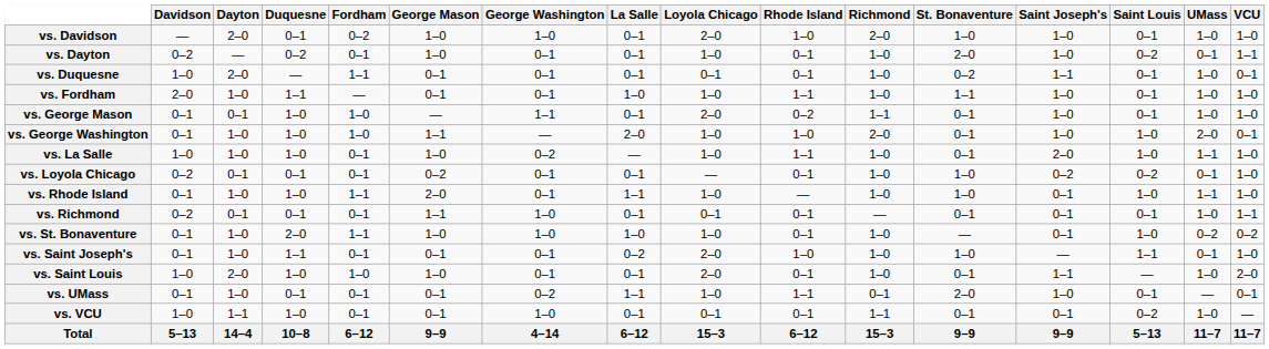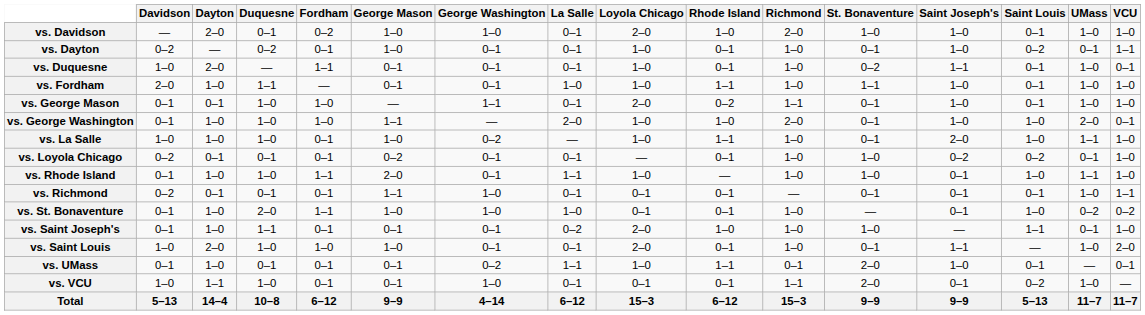 <table class="wikitable" style="white-space:nowrap;font-size:90%;">
 <tr>
 <th colspan="1" style="background:white; border-top-style:hidden; border-left-style:hidden;" width="75"> </th>
 <th>Davidson</th>
 <th>Dayton</th>
 <th>Duquesne</th>
 <th>Fordham</th>
 <th>George Mason</th>
 <th>George Washington</th>
 <th>La Salle</th>
 <th>Loyola Chicago</th>
 <th>Rhode Island</th>
 <th>Richmond</th>
 <th>St. Bonaventure</th>
 <th>Saint Joseph's</th>
 <th>Saint Louis</th>
 <th>UMass</th>
 <th>VCU</th>
 </tr>
 <tr style="text-align:center;">
 <th>vs. Davidson</th>
 <td>—</td>
 <td>2–0</td>
 <td>0–1</td>
 <td>0–2</td>
 <td>1–0</td>
 <td>1–0</td>
 <td>0–1</td>
 <td>2–0</td>
 <td>1–0</td>
 <td>2–0</td>
 <td>1–0</td>
 <td>1–0</td>
 <td>0–1</td>
 <td>1–0</td>
 <td>1–0</td>
 </tr>
 <tr style="text-align:center;">
 <th>vs. Dayton</th>
 <td>0–2</td>
 <td>—</td>
 <td>0–2</td>
 <td>0–1</td>
 <td>1–0</td>
 <td>0–1</td>
 <td>0–1</td>
 <td>1–0</td>
 <td>0–1</td>
 <td>1–0</td>
-<td>2–0</td>
+<td>0–1</td>
 <td>1–0</td>
 <td>0–2</td>
 <td>0–1</td>
 <td>1–1</td>
 </tr>
 <tr style="text-align:center;">
 <th>vs. Duquesne</th>
 <td>1–0</td>
 <td>2–0</td>
 <td>—</td>
 <td>1–1</td>
 <td>0–1</td>
 <td>0–1</td>
 <td>0–1</td>
-<td>0–1</td>
+<td>1–0</td>
 <td>0–1</td>
 <td>1–0</td>
 <td>0–2</td>
 <td>1–1</td>
 <td>0–1</td>
 <td>1–0</td>
 <td>0–1</td>
 </tr>
 <tr style="text-align:center;">
 <th>vs. Fordham</th>
 <td>2–0</td>
 <td>1–0</td>
 <td>1–1</td>
 <td>—</td>
 <td>0–1</td>
 <td>0–1</td>
 <td>1–0</td>
 <td>1–0</td>
 <td>1–1</td>
 <td>1–0</td>
 <td>1–1</td>
 <td>1–0</td>
 <td>0–1</td>
 <td>1–0</td>
 <td>1–0</td>
 </tr>
 <tr style="text-align:center;">
 <th>vs. George Mason</th>
 <td>0–1</td>
 <td>0–1</td>
 <td>1–0</td>
 <td>1–0</td>
 <td>—</td>
 <td>1–1</td>
 <td>0–1</td>
 <td>2–0</td>
 <td>0–2</td>
 <td>1–1</td>
 <td>0–1</td>
 <td>1–0</td>
 <td>0–1</td>
 <td>1–0</td>
 <td>1–0</td>
 </tr>
 <tr style="text-align:center;">
 <th>vs. George Washington</th>
 <td>0–1</td>
 <td>1–0</td>
 <td>1–0</td>
 <td>1–0</td>
 <td>1–1</td>
 <td>—</td>
 <td>2–0</td>
 <td>1–0</td>
 <td>1–0</td>
 <td>2–0</td>
 <td>0–1</td>
 <td>1–0</td>
 <td>1–0</td>
 <td>2–0</td>
 <td>0–1</td>
 </tr>
 <tr style="text-align:center;">
 <th>vs. La Salle</th>
 <td>1–0</td>
 <td>1–0</td>
 <td>1–0</td>
 <td>0–1</td>
 <td>1–0</td>
 <td>0–2</td>
 <td>—</td>
 <td>1–0</td>
 <td>1–1</td>
 <td>1–0</td>
 <td>0–1</td>
 <td>2–0</td>
 <td>1–0</td>
 <td>1–1</td>
 <td>1–0</td>
 </tr>
 <tr style="text-align:center;">
 <th>vs. Loyola Chicago</th>
 <td>0–2</td>
 <td>0–1</td>
 <td>0–1</td>
 <td>0–1</td>
 <td>0–2</td>
 <td>0–1</td>
 <td>0–1</td>
 <td>—</td>
 <td>0–1</td>
 <td>1–0</td>
 <td>1–0</td>
 <td>0–2</td>
 <td>0–2</td>
 <td>0–1</td>
 <td>1–0</td>
 </tr>
 <tr style="text-align:center;">
 <th>vs. Rhode Island</th>
 <td>0–1</td>
 <td>1–0</td>
 <td>1–0</td>
 <td>1–1</td>
 <td>2–0</td>
 <td>0–1</td>
 <td>1–1</td>
 <td>1–0</td>
 <td>—</td>
 <td>1–0</td>
 <td>1–0</td>
 <td>0–1</td>
 <td>1–0</td>
 <td>1–1</td>
 <td>1–0</td>
 </tr>
 <tr style="text-align:center;">
 <th>vs. Richmond</th>
 <td>0–2</td>
 <td>0–1</td>
 <td>0–1</td>
 <td>0–1</td>
 <td>1–1</td>
 <td>1–0</td>
 <td>0–1</td>
 <td>0–1</td>
 <td>0–1</td>
 <td>—</td>
 <td>0–1</td>
 <td>0–1</td>
 <td>0–1</td>
 <td>1–0</td>
 <td>1–1</td>
 </tr>
 <tr style="text-align:center;">
 <th>vs. St. Bonaventure</th>
 <td>0–1</td>
 <td>1–0</td>
 <td>2–0</td>
 <td>1–1</td>
 <td>1–0</td>
 <td>1–0</td>
 <td>1–0</td>
-<td>1–0</td>
+<td>0–1</td>
 <td>0–1</td>
 <td>1–0</td>
 <td>—</td>
 <td>0–1</td>
 <td>1–0</td>
 <td>0–2</td>
 <td>0–2</td>
 </tr>
 <tr style="text-align:center;">
 <th>vs. Saint Joseph's</th>
 <td>0–1</td>
 <td>1–0</td>
 <td>1–1</td>
 <td>0–1</td>
 <td>0–1</td>
 <td>0–1</td>
 <td>0–2</td>
 <td>2–0</td>
 <td>1–0</td>
 <td>1–0</td>
 <td>1–0</td>
 <td>—</td>
 <td>1–1</td>
 <td>0–1</td>
 <td>1–0</td>
 </tr>
 <tr style="text-align:center;">
 <th>vs. Saint Louis</th>
 <td>1–0</td>
 <td>2–0</td>
 <td>1–0</td>
 <td>1–0</td>
 <td>1–0</td>
 <td>0–1</td>
 <td>0–1</td>
 <td>2–0</td>
 <td>0–1</td>
 <td>1–0</td>
 <td>0–1</td>
 <td>1–1</td>
 <td>—</td>
 <td>1–0</td>
 <td>2–0</td>
 </tr>
 <tr style="text-align:center;">
 <th>vs. UMass</th>
 <td>0–1</td>
 <td>1–0</td>
 <td>0–1</td>
 <td>0–1</td>
 <td>0–1</td>
 <td>0–2</td>
 <td>1–1</td>
 <td>1–0</td>
 <td>1–1</td>
 <td>0–1</td>
 <td>2–0</td>
 <td>1–0</td>
 <td>0–1</td>
 <td>—</td>
 <td>0–1</td>
 </tr>
 <tr style="text-align:center;">
 <th>vs. VCU</th>
 <td>1–0</td>
 <td>1–1</td>
 <td>1–0</td>
 <td>0–1</td>
 <td>0–1</td>
 <td>1–0</td>
 <td>0–1</td>
 <td>0–1</td>
 <td>0–1</td>
 <td>1–1</td>
-<td>0–1</td>
+<td>2–0</td>
 <td>0–1</td>
 <td>0–2</td>
 <td>1–0</td>
 <td>—<br></td>
 </tr>
 <tr style="text-align:center;">
 <th>Total</th>
 <th>5–13</th>
 <th>14–4</th>
 <th>10–8</th>
 <th>6–12</th>
 <th>9–9</th>
 <th>4–14</th>
 <th>6–12</th>
 <th>15–3</th>
 <th>6–12</th>
 <th>15–3</th>
 <th>9–9</th>
 <th>9–9</th>
 <th>5–13</th>
 <th>11–7</th>
 <th>11–7</th>
 </tr>
 </table>
